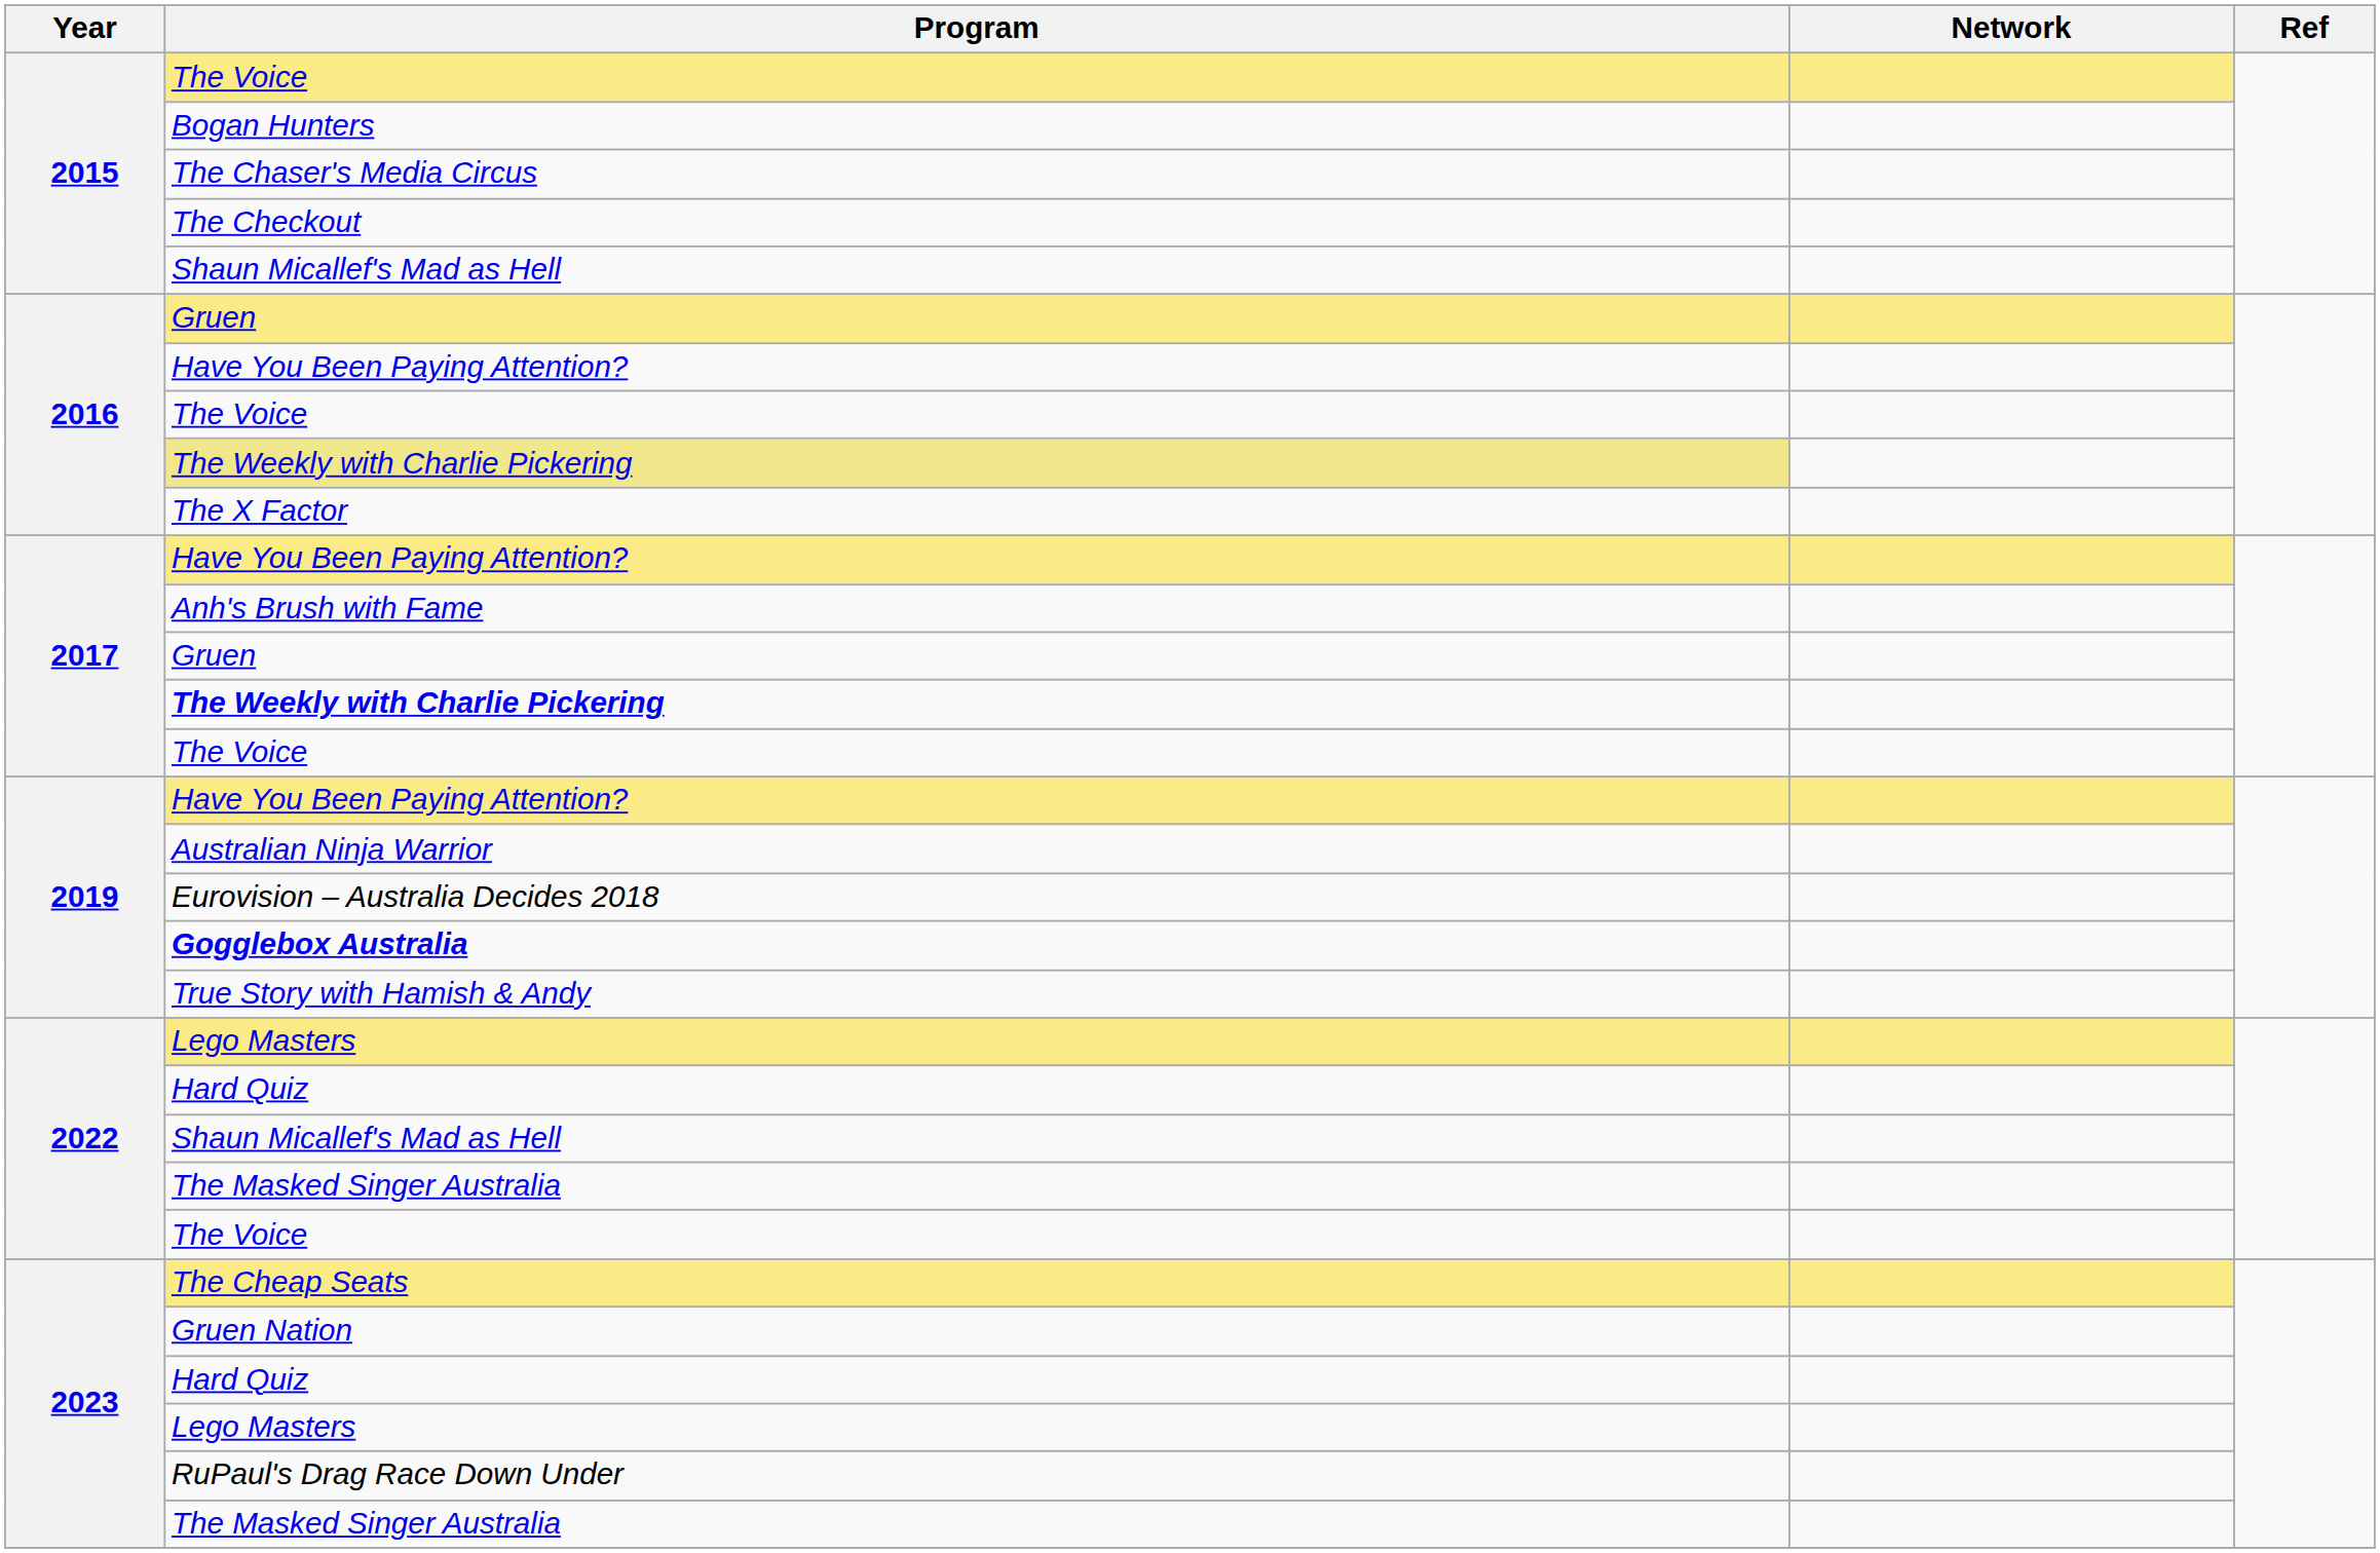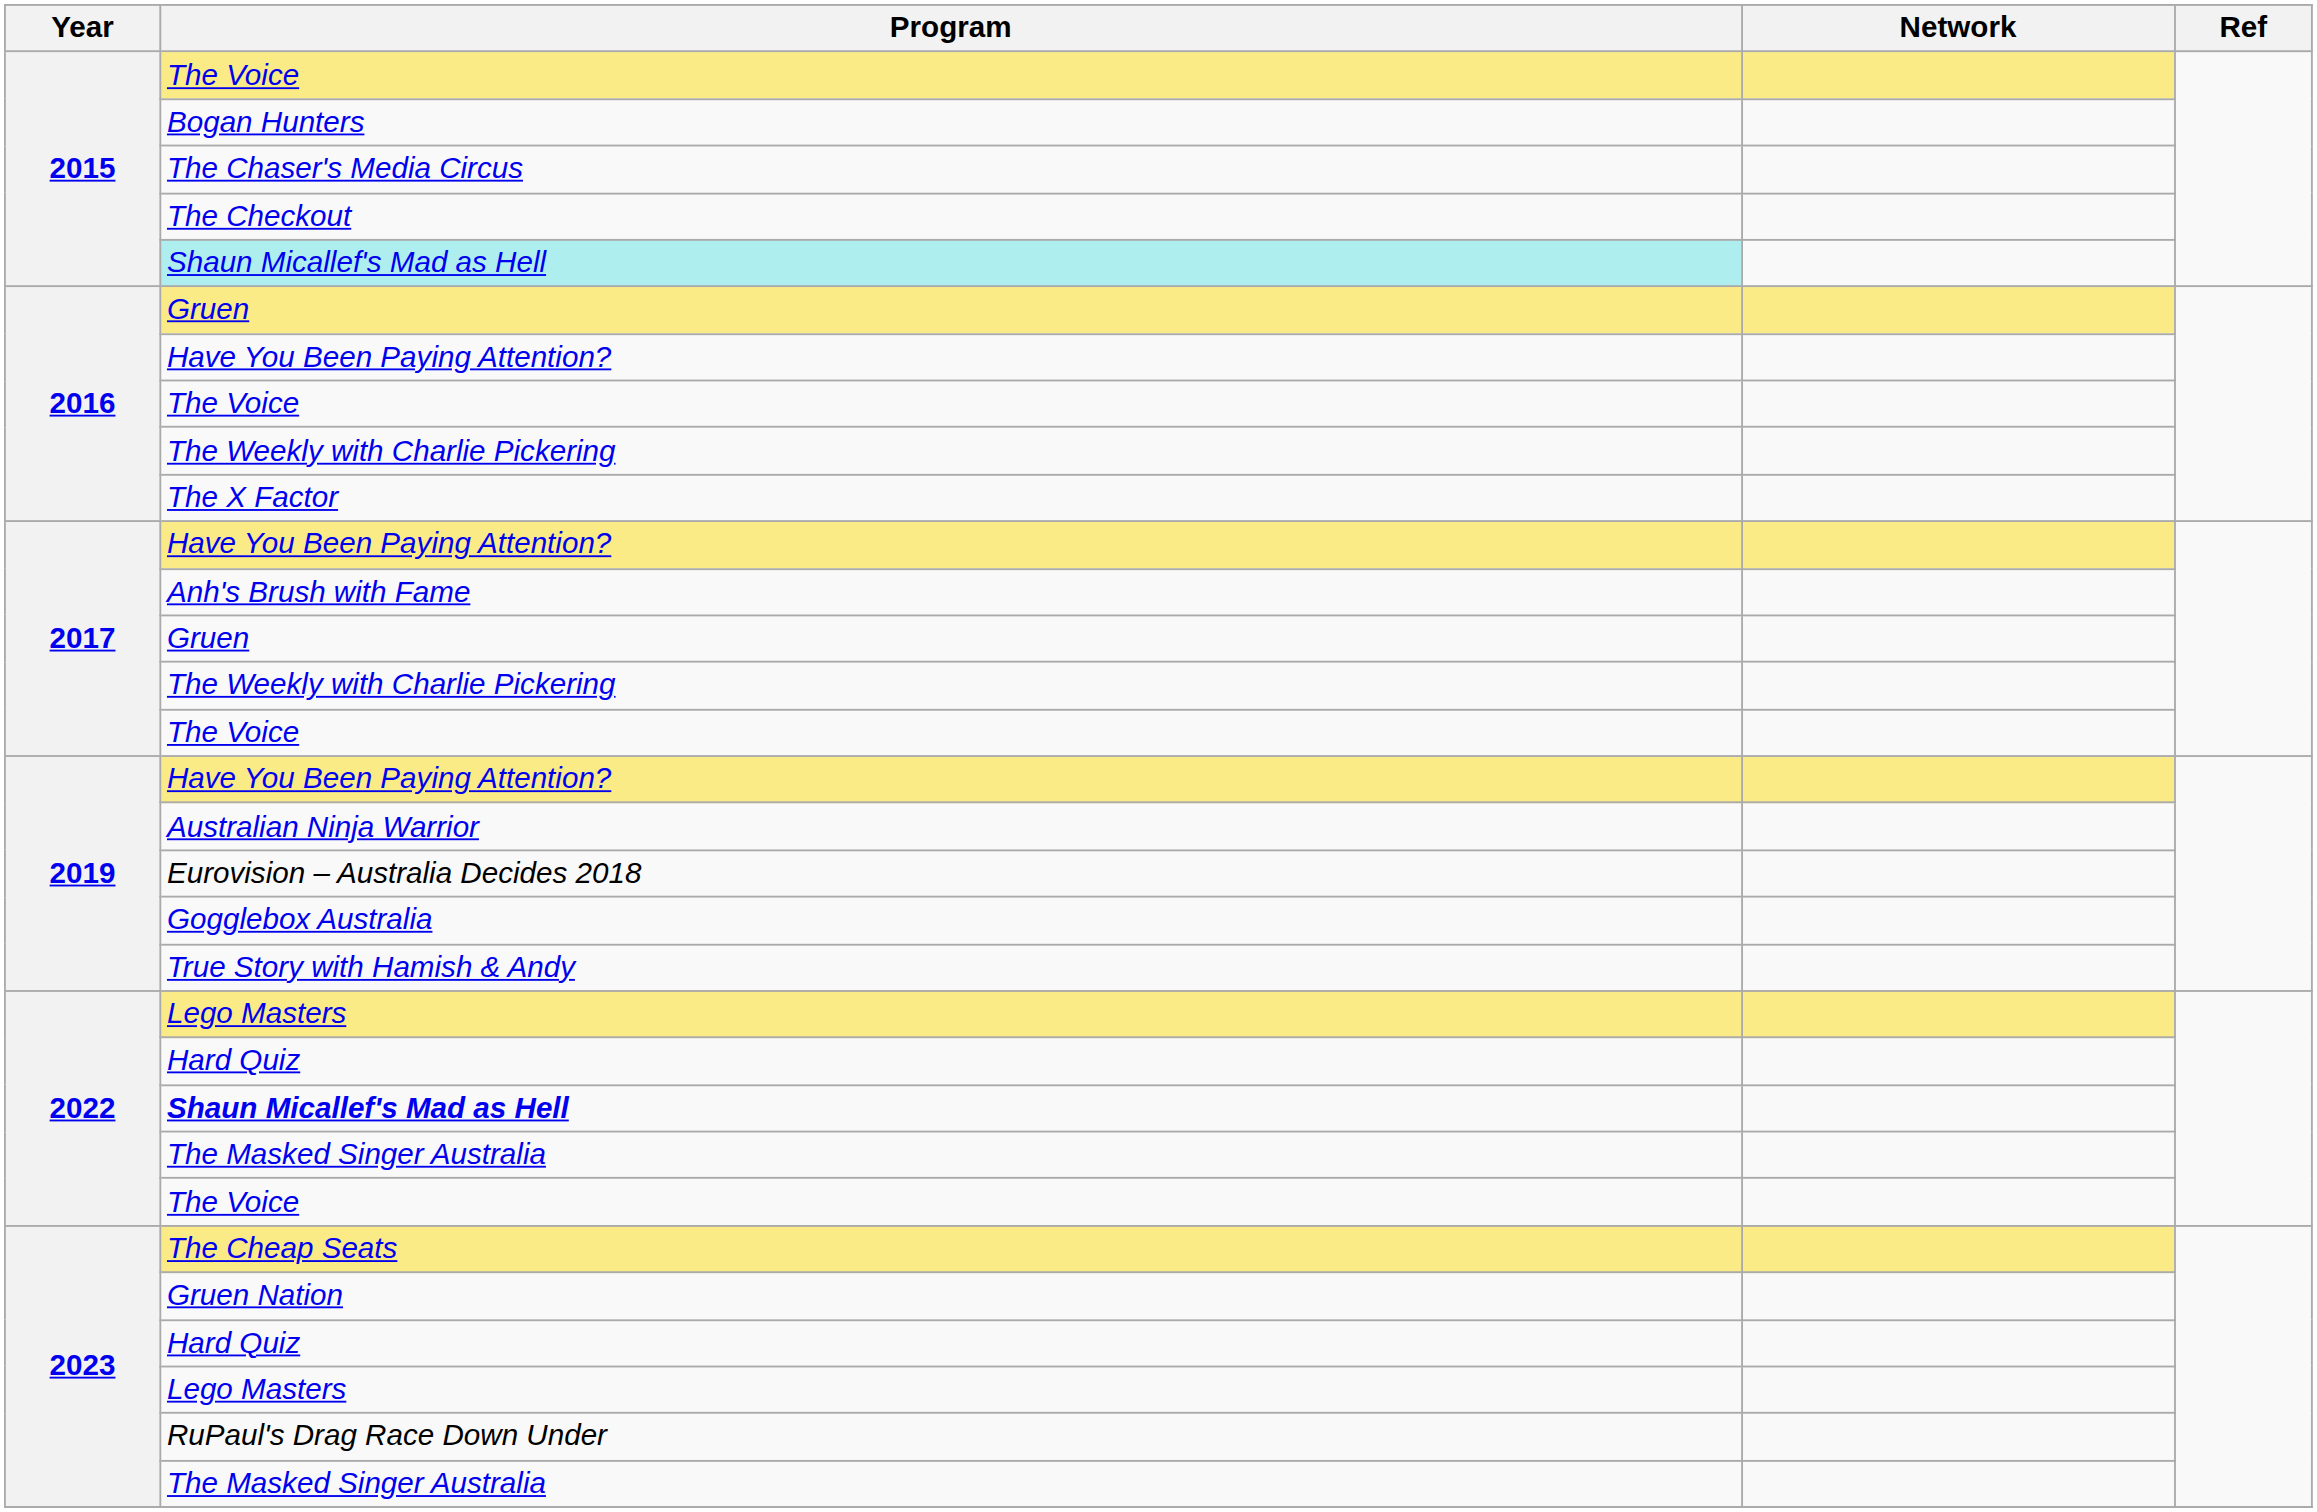 <table class="wikitable sortable">
 <tr style="background:#bebebe;">
 <th scope="col" style="width:1%;">Year</th>
 <th scope="col" style="width:16%;">Program</th>
 <th scope="col" style="width:4%;">Network</th>
 <th scope="col" style="width:1%;" class="unsortable">Ref</th>
 </tr>
 <tr>
 <th scope="row" rowspan="5" style="text-align:center"><a href='#'>2015</a></th>
 <td style="background:#FAEB86"><em><a href='#'>The Voice</a></em></td>
 <td style="background:#FAEB86"></td>
 <td rowspan="5"></td>
 </tr>
 <tr>
 <td><em><a href='#'>Bogan Hunters</a></em></td>
 <td></td>
 </tr>
 <tr>
 <td><em><a href='#'>The Chaser's Media Circus</a></em></td>
 <td></td>
 </tr>
 <tr>
 <td><em><a href='#'>The Checkout</a></em></td>
 <td></td>
 </tr>
 <tr>
-<td><em><a href='#'>Shaun Micallef's Mad as Hell</a></em></td>
+<td style="background: paleturquoise;"><em><a href='#'>Shaun Micallef's Mad as Hell</a></em></td>
 <td></td>
 </tr>
 <tr>
 <th scope="row" rowspan="5" style="text-align:center"><a href='#'>2016</a></th>
 <td style="background:#FAEB86"><em><a href='#'>Gruen</a></em></td>
 <td style="background:#FAEB86"></td>
 <td rowspan="5"></td>
 </tr>
 <tr>
 <td><em><a href='#'>Have You Been Paying Attention?</a></em></td>
 <td></td>
 </tr>
 <tr>
 <td><em><a href='#'>The Voice</a></em></td>
 <td></td>
 </tr>
 <tr>
-<td style="background: khaki;"><em><a href='#'>The Weekly with Charlie Pickering</a></em></td>
+<td><em><a href='#'>The Weekly with Charlie Pickering</a></em></td>
 <td></td>
 </tr>
 <tr>
 <td><em><a href='#'>The X Factor</a></em></td>
 <td></td>
 </tr>
 <tr>
 <th scope="row" rowspan="5" style="text-align:center"><a href='#'>2017</a></th>
 <td style="background:#FAEB86"><em><a href='#'>Have You Been Paying Attention?</a></em></td>
 <td style="background:#FAEB86"></td>
 <td rowspan="5"></td>
 </tr>
 <tr>
 <td><em><a href='#'>Anh's Brush with Fame</a></em></td>
 <td></td>
 </tr>
 <tr>
 <td><em><a href='#'>Gruen</a></em></td>
 <td></td>
 </tr>
 <tr>
-<td><strong><em><a href='#'>The Weekly with Charlie Pickering</a></em></strong></td>
+<td><em><a href='#'>The Weekly with Charlie Pickering</a></em></td>
 <td></td>
 </tr>
 <tr>
 <td><em><a href='#'>The Voice</a></em></td>
 <td></td>
 </tr>
 <tr>
 <th scope="row" rowspan="5" style="text-align:center"><a href='#'>2019</a></th>
 <td style="background:#FAEB86"><em><a href='#'>Have You Been Paying Attention?</a></em></td>
 <td style="background:#FAEB86"></td>
 <td rowspan="5"></td>
 </tr>
 <tr>
 <td><em><a href='#'>Australian Ninja Warrior</a></em></td>
 <td></td>
 </tr>
 <tr>
 <td><em>Eurovision – Australia Decides 2018</em></td>
 <td></td>
 </tr>
 <tr>
-<td><strong><em><a href='#'>Gogglebox Australia</a></em></strong></td>
+<td><em><a href='#'>Gogglebox Australia</a></em></td>
 <td></td>
 </tr>
 <tr>
 <td><em><a href='#'>True Story with Hamish & Andy</a></em></td>
 <td></td>
 </tr>
 <tr>
 <th scope="row" rowspan="5" style="text-align:center"><a href='#'>2022</a></th>
 <td style="background:#FAEB86"><em><a href='#'>Lego Masters</a></em></td>
 <td style="background:#FAEB86"></td>
 <td rowspan="5"></td>
 </tr>
 <tr>
 <td><em><a href='#'>Hard Quiz</a></em></td>
 <td></td>
 </tr>
 <tr>
-<td><em><a href='#'>Shaun Micallef's Mad as Hell</a></em></td>
+<td><strong><em><a href='#'>Shaun Micallef's Mad as Hell</a></em></strong></td>
 <td></td>
 </tr>
 <tr>
 <td><em><a href='#'>The Masked Singer Australia</a></em></td>
 <td></td>
 </tr>
 <tr>
 <td><em><a href='#'>The Voice</a></em></td>
 <td></td>
 </tr>
 <tr>
 <th scope="row" rowspan="6" style="text-align:center"><a href='#'>2023</a></th>
 <td style="background:#FAEB86"><em><a href='#'>The Cheap Seats</a></em></td>
 <td style="background:#FAEB86"></td>
 <td rowspan="6"></td>
 </tr>
 <tr>
 <td><em><a href='#'>Gruen Nation</a></em></td>
 <td></td>
 </tr>
 <tr>
 <td><em><a href='#'>Hard Quiz</a></em></td>
 <td></td>
 </tr>
 <tr>
 <td><em><a href='#'>Lego Masters</a></em></td>
 <td></td>
 </tr>
 <tr>
 <td><em>RuPaul's Drag Race Down Under</em></td>
 <td></td>
 </tr>
 <tr>
 <td><em><a href='#'>The Masked Singer Australia</a></em></td>
 <td></td>
 </tr>
 <tr>
 </tr>
 </table>
